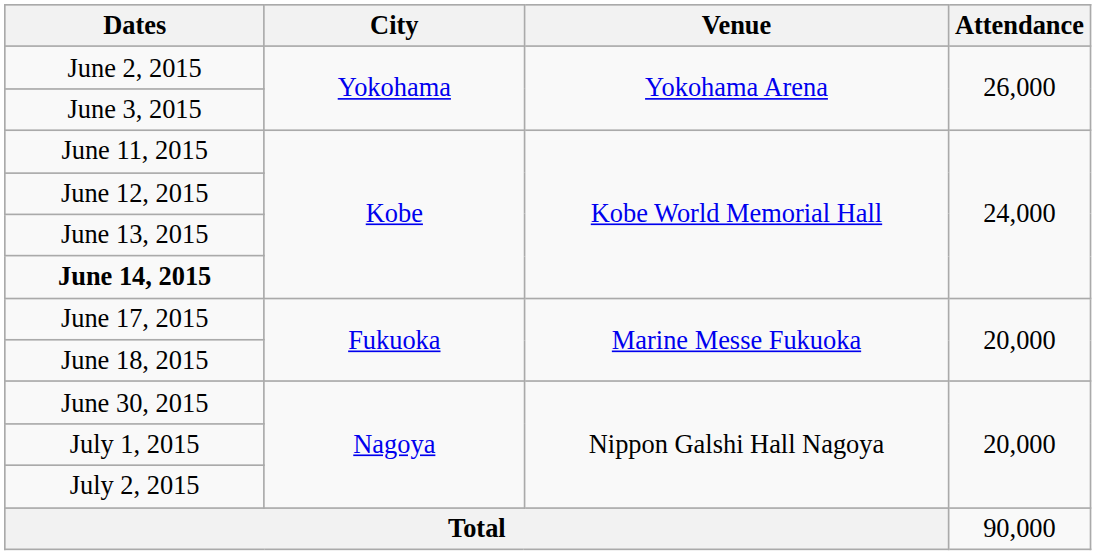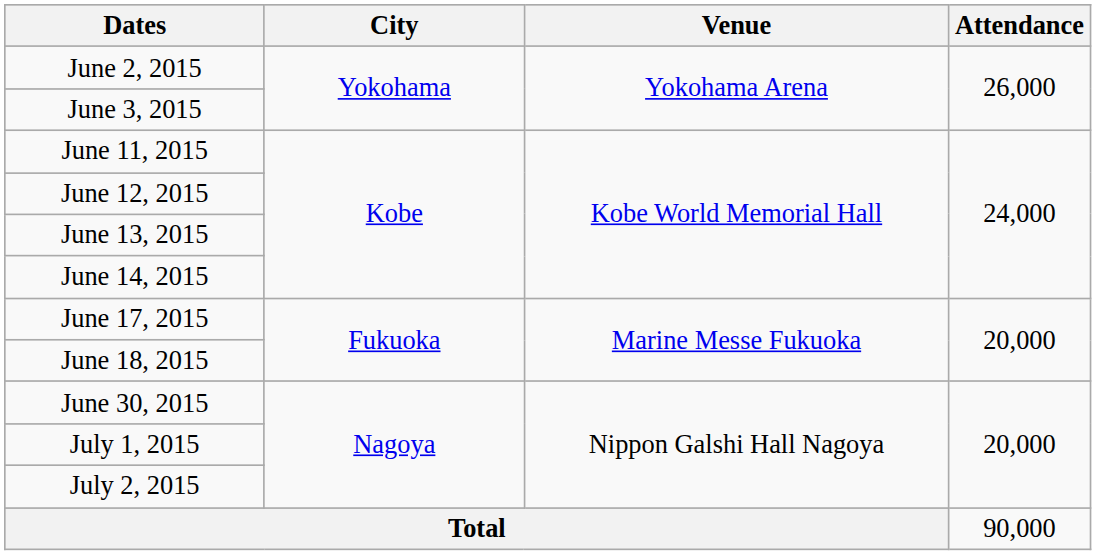 <table class="wikitable" style="text-align:center;">
 <tr>
 <th width=150>Dates</th>
 <th width=150>City</th>
 <th width=250>Venue</th>
 <th>Attendance</th>
 </tr>
 <tr>
 <td>June 2, 2015</td>
 <td rowspan=2><a href='#'>Yokohama</a></td>
 <td rowspan=2><a href='#'>Yokohama Arena</a></td>
 <td rowspan=2>26,000</td>
 </tr>
 <tr>
 <td>June 3, 2015</td>
 </tr>
 <tr>
 <td>June 11, 2015</td>
 <td rowspan=4><a href='#'>Kobe</a></td>
 <td rowspan=4><a href='#'>Kobe World Memorial Hall</a></td>
 <td rowspan=4>24,000</td>
 </tr>
 <tr>
 <td>June 12, 2015</td>
 </tr>
 <tr>
 <td>June 13, 2015</td>
 </tr>
 <tr>
-<td><strong>June 14, 2015</strong></td>
+<td>June 14, 2015</td>
 </tr>
 <tr>
 <td>June 17, 2015</td>
 <td rowspan=2><a href='#'>Fukuoka</a></td>
 <td rowspan=2><a href='#'>Marine Messe Fukuoka</a></td>
 <td rowspan=2>20,000</td>
 </tr>
 <tr>
 <td>June 18, 2015</td>
 </tr>
 <tr>
 <td>June 30, 2015</td>
 <td rowspan=3><a href='#'>Nagoya</a></td>
 <td rowspan=3>Nippon Galshi Hall Nagoya</td>
 <td rowspan=3>20,000</td>
 </tr>
 <tr>
 <td>July 1, 2015</td>
 </tr>
 <tr>
 <td>July 2, 2015</td>
 </tr>
 <tr>
 <th colspan="3">Total</th>
 <td>90,000</td>
 </tr>
 </table>
